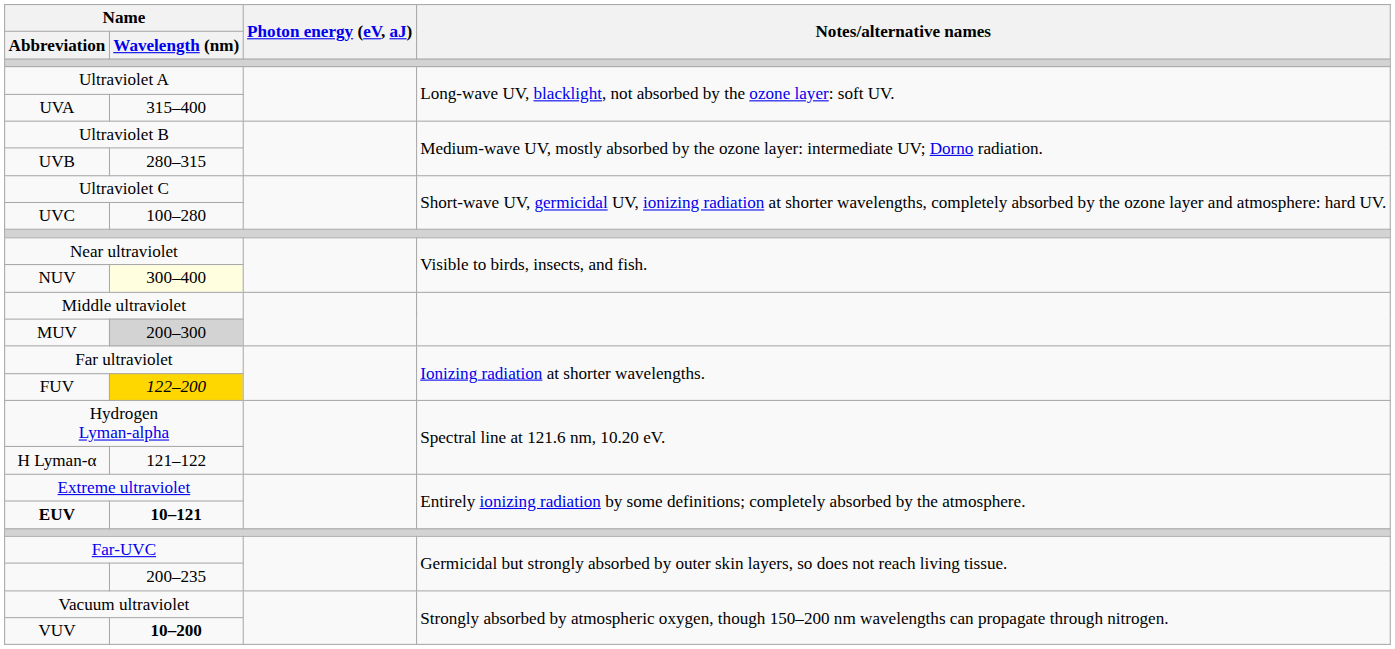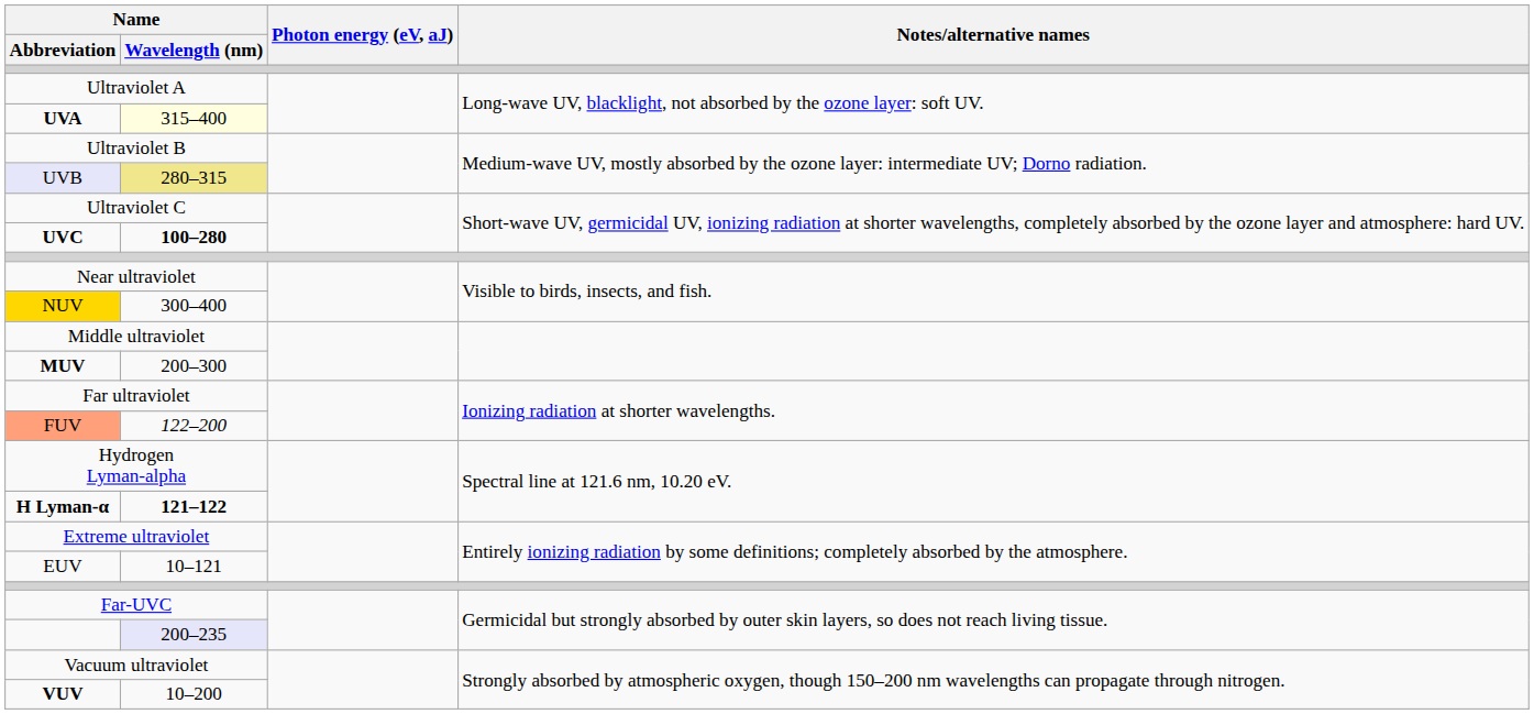 <table class="wikitable" style="margin:2em auto; text-align:center;">
 <tr>
 <th colspan=2>Name</th>
 <th rowspan=2><a href='#'>Photon energy</a> (<a href='#'>eV</a>, <a href='#'>aJ</a>)</th>
 <th rowspan=2>Notes/alternative names</th>
 </tr>
 <tr>
 <th>Abbreviation</th>
 <th><a href='#'>Wavelength</a> (nm)</th>
 </tr>
 <tr>
 <td colspan=4 style="background:lightgrey"></td>
 </tr>
 <tr>
 <td colspan=2>Ultraviolet A</td>
 <td rowspan=2></td>
 <td rowspan=2 style="text-align:left;">Long-wave UV, <a href='#'>blacklight</a>, not absorbed by the <a href='#'>ozone layer</a>: soft UV.</td>
 </tr>
 <tr>
-<td>UVA </td>
-<td>315–400</td>
+<td><strong>UVA </strong></td>
+<td style="background: lightyellow;">315–400</td>
 </tr>
 <tr>
 <td colspan=2>Ultraviolet B</td>
 <td rowspan=2></td>
 <td rowspan=2 style="text-align:left;">Medium-wave UV, mostly absorbed by the ozone layer: intermediate UV; <a href='#'>Dorno</a> radiation.</td>
 </tr>
 <tr>
-<td>UVB</td>
-<td>280–315</td>
+<td style="background: lavender;">UVB</td>
+<td style="background: khaki;">280–315</td>
 </tr>
 <tr>
 <td colspan=2>Ultraviolet C</td>
 <td rowspan=2></td>
 <td rowspan=2 style="text-align:left;">Short-wave UV, <a href='#'>germicidal</a> UV, <a href='#'>ionizing radiation</a> at shorter wavelengths, completely absorbed by the ozone layer and atmosphere: hard UV.</td>
 </tr>
 <tr>
-<td>UVC</td>
-<td>100–280</td>
+<td><strong>UVC</strong></td>
+<td><strong>100–280</strong></td>
 </tr>
 <tr>
 <td colspan=4 style="background:lightgrey"></td>
 </tr>
 <tr>
 <td colspan=2>Near ultraviolet</td>
 <td rowspan=2></td>
 <td rowspan=2 style="text-align:left;">Visible to birds, insects, and fish.</td>
 </tr>
 <tr>
-<td>NUV </td>
-<td style="background: lightyellow;">300–400</td>
+<td style="background: gold;">NUV </td>
+<td>300–400</td>
 </tr>
 <tr>
 <td colspan=2>Middle ultraviolet</td>
 <td rowspan=2></td>
 <td rowspan=2 style="text-align:left;"></td>
 </tr>
 <tr>
-<td>MUV</td>
-<td style="background: lightgrey;">200–300</td>
+<td><strong>MUV</strong></td>
+<td>200–300</td>
 </tr>
 <tr>
 <td colspan=2>Far ultraviolet</td>
 <td rowspan=2></td>
 <td rowspan=2 style="text-align:left;"><a href='#'>Ionizing radiation</a> at shorter wavelengths.</td>
 </tr>
 <tr>
-<td>FUV</td>
-<td style="background: gold;"><em>122–200</em></td>
+<td style="background: lightsalmon;">FUV</td>
+<td><em>122–200</em></td>
 </tr>
 <tr>
 <td colspan=2>Hydrogen<br><a href='#'>Lyman-alpha</a></td>
 <td rowspan=2></td>
 <td rowspan=2 style="text-align:left;">Spectral line at 121.6 nm, 10.20 eV.</td>
 </tr>
 <tr>
-<td>H Lyman‑α</td>
-<td>121–122</td>
+<td><strong>H Lyman‑α</strong></td>
+<td><strong>121–122</strong></td>
 </tr>
 <tr>
 <td colspan=2><a href='#'>Extreme ultraviolet</a></td>
 <td rowspan=2></td>
 <td rowspan=2 style="text-align:left;">Entirely <a href='#'>ionizing radiation</a> by some definitions; completely absorbed by the atmosphere.</td>
 </tr>
 <tr>
-<td><strong>EUV </strong></td>
-<td><strong>10–121 </strong></td>
+<td>EUV </td>
+<td>10–121 </td>
 </tr>
 <tr>
 <td colspan=4 style="background:lightgrey"></td>
 </tr>
 <tr>
 <td colspan=2><a href='#'>Far-UVC</a></td>
 <td rowspan=2></td>
 <td rowspan=2 style="text-align:left;">Germicidal but strongly absorbed by outer skin layers, so does not reach living tissue.</td>
 </tr>
 <tr>
 <td></td>
-<td>200–235 </td>
+<td style="background: lavender;">200–235 </td>
 </tr>
 <tr>
 <td colspan=2>Vacuum ultraviolet</td>
 <td rowspan=2></td>
 <td rowspan=2 style="text-align:left;">Strongly absorbed by atmospheric oxygen, though 150–200 nm wavelengths can propagate through nitrogen.</td>
 </tr>
 <tr>
-<td>VUV </td>
-<td><strong>10–200 </strong></td>
+<td><strong>VUV </strong></td>
+<td>10–200 </td>
 </tr>
 </table>
